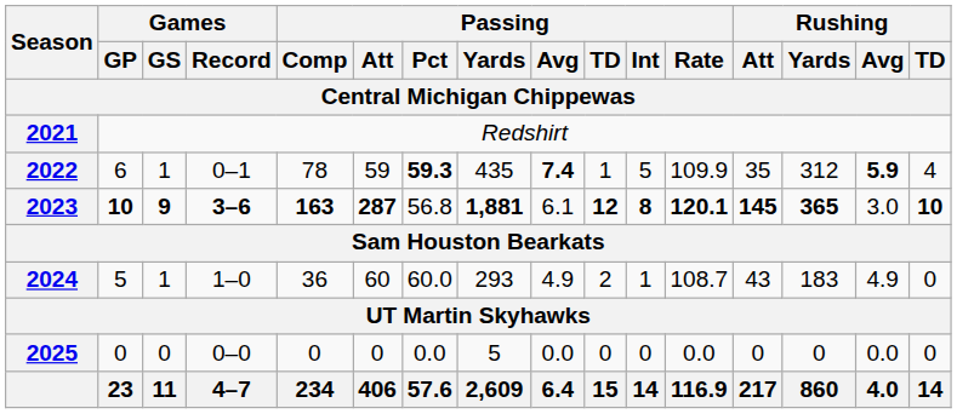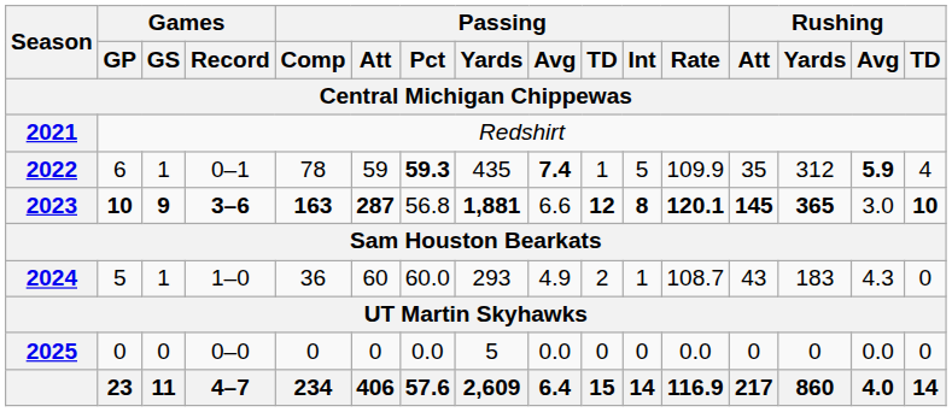 <table class="wikitable" style="text-align:center;">
 <tr>
 <th rowspan="2">Season</th>
 <th colspan="3">Games</th>
 <th colspan="8">Passing</th>
 <th colspan="4">Rushing</th>
 </tr>
 <tr>
 <th>GP</th>
 <th>GS</th>
 <th>Record</th>
 <th>Comp</th>
 <th>Att</th>
 <th>Pct</th>
 <th>Yards</th>
 <th>Avg</th>
 <th>TD</th>
 <th>Int</th>
 <th>Rate</th>
 <th>Att</th>
 <th>Yards</th>
 <th>Avg</th>
 <th>TD</th>
 </tr>
 <tr>
 <th colspan="16">Central Michigan Chippewas</th>
 </tr>
 <tr>
 <th><a href='#'>2021</a></th>
 <td colspan="15"><em>Redshirt </em></td>
 </tr>
 <tr>
 <th><a href='#'>2022</a></th>
 <td>6</td>
 <td>1</td>
 <td>0–1</td>
 <td>78</td>
 <td>59</td>
 <td><strong>59.3</strong></td>
 <td>435</td>
 <td><strong>7.4</strong></td>
 <td>1</td>
 <td>5</td>
 <td>109.9</td>
 <td>35</td>
 <td>312</td>
 <td><strong>5.9</strong></td>
 <td>4</td>
 </tr>
 <tr>
 <th><a href='#'>2023</a></th>
 <td><strong>10</strong></td>
 <td><strong>9</strong></td>
 <td><strong>3–6</strong></td>
 <td><strong>163</strong></td>
 <td><strong>287</strong></td>
 <td>56.8</td>
 <td><strong>1,881</strong></td>
-<td>6.1</td>
+<td>6.6</td>
 <td><strong>12</strong></td>
 <td><strong>8</strong></td>
 <td><strong>120.1</strong></td>
 <td><strong>145</strong></td>
 <td><strong>365</strong></td>
 <td>3.0</td>
 <td><strong>10</strong></td>
 </tr>
 <tr>
 <th colspan="16">Sam Houston Bearkats</th>
 </tr>
 <tr>
 <th><a href='#'>2024</a></th>
 <td>5</td>
 <td>1</td>
 <td>1–0</td>
 <td>36</td>
 <td>60</td>
 <td>60.0</td>
 <td>293</td>
 <td>4.9</td>
 <td>2</td>
 <td>1</td>
 <td>108.7</td>
 <td>43</td>
 <td>183</td>
-<td>4.9</td>
+<td>4.3</td>
 <td>0</td>
 </tr>
 <tr>
 <th colspan="16">UT Martin Skyhawks</th>
 </tr>
 <tr>
 <th><a href='#'>2025</a></th>
 <td>0</td>
 <td>0</td>
 <td>0–0</td>
 <td>0</td>
 <td>0</td>
 <td>0.0</td>
 <td>5</td>
 <td>0.0</td>
 <td>0</td>
 <td>0</td>
 <td>0.0</td>
 <td>0</td>
 <td>0</td>
 <td>0.0</td>
 <td>0</td>
 </tr>
 <tr>
 <th></th>
 <th>23</th>
 <th>11</th>
 <th>4–7</th>
 <th>234</th>
 <th>406</th>
 <th>57.6</th>
 <th>2,609</th>
 <th>6.4</th>
 <th>15</th>
 <th>14</th>
 <th>116.9</th>
 <th>217</th>
 <th>860</th>
 <th>4.0</th>
 <th>14</th>
 </tr>
 </table>
